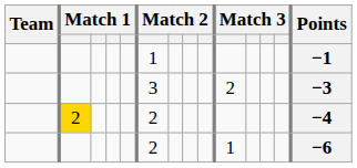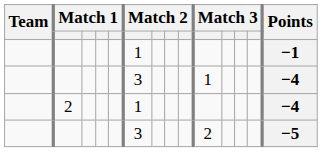 <table class="wikitable sortable" style="text-align:center;">
 <tr>
 <th rowspan=2>Team</th>
 <th colspan=4 style="border-left:3px solid gray">Match 1</th>
 <th colspan=4 style="border-left:3px solid gray">Match 2</th>
 <th colspan=4 style="border-left:3px solid gray">Match 3</th>
 <th rowspan=2 style="border-left:3px solid gray">Points</th>
 </tr>
 <tr>
 <th style="border-left:3px solid gray"></th>
 <th></th>
 <th></th>
 <th></th>
 <th style="border-left:3px solid gray"></th>
 <th></th>
 <th></th>
 <th></th>
 <th style="border-left:3px solid gray"></th>
 <th></th>
 <th></th>
 <th></th>
 </tr>
 <tr>
 <td align=left></td>
 <td style="border-left:3px solid gray"></td>
 <td></td>
 <td></td>
 <td></td>
 <td style="border-left:3px solid gray">1</td>
 <td></td>
 <td></td>
 <td></td>
 <td style="border-left:3px solid gray"></td>
 <td></td>
 <td></td>
 <td></td>
 <th style="border-left:3px solid gray">−1</th>
 </tr>
 <tr>
 <td align=left></td>
 <td style="border-left:3px solid gray"></td>
 <td></td>
 <td></td>
 <td></td>
 <td style="border-left:3px solid gray">3</td>
 <td></td>
 <td></td>
 <td></td>
+<td style="border-left:3px solid gray">1</td>
+<td></td>
+<td></td>
+<td></td>
+<th style="border-left:3px solid gray">−4</th>
+</tr>
+<tr>
+<td align=left></td>
 <td style="border-left:3px solid gray">2</td>
 <td></td>
 <td></td>
 <td></td>
-<th style="border-left:3px solid gray">−3</th>
-</tr>
-<tr>
-<td align=left></td>
-<td style="background: gold; border-left:3px solid gray">2</td>
-<td></td>
-<td></td>
-<td></td>
-<td style="border-left:3px solid gray">2</td>
+<td style="border-left:3px solid gray">1</td>
 <td></td>
 <td></td>
 <td></td>
 <td style="border-left:3px solid gray"></td>
 <td></td>
 <td></td>
 <td></td>
 <th style="border-left:3px solid gray">−4</th>
 </tr>
 <tr>
 <td align=left></td>
 <td style="border-left:3px solid gray"></td>
 <td></td>
 <td></td>
 <td></td>
+<td style="border-left:3px solid gray">3</td>
+<td></td>
+<td></td>
+<td></td>
 <td style="border-left:3px solid gray">2</td>
 <td></td>
 <td></td>
 <td></td>
-<td style="border-left:3px solid gray">1</td>
-<td></td>
-<td></td>
-<td></td>
-<th style="border-left:3px solid gray">−6</th>
+<th style="border-left:3px solid gray">−5</th>
 </tr>
 </table>
